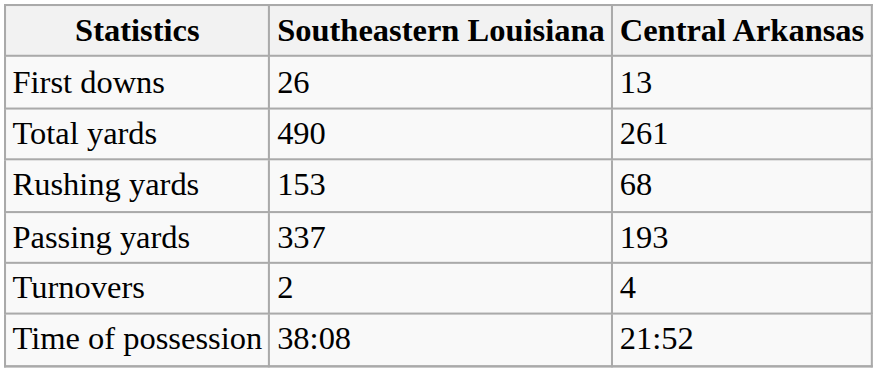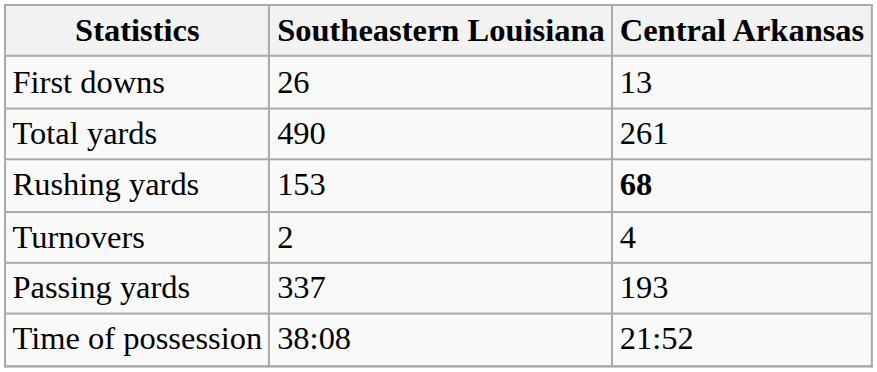 <table class="wikitable">
 <tr>
 <th>Statistics</th>
 <th>Southeastern Louisiana</th>
 <th>Central Arkansas</th>
 </tr>
 <tr>
 <td>First downs</td>
 <td>26</td>
 <td>13</td>
 </tr>
 <tr>
 <td>Total yards</td>
 <td>490</td>
 <td>261</td>
 </tr>
 <tr>
 <td>Rushing yards</td>
 <td>153</td>
-<td>68</td>
+<td><strong>68</strong></td>
+</tr>
+<tr>
+<td>Turnovers</td>
+<td>2</td>
+<td>4</td>
 </tr>
 <tr>
 <td>Passing yards</td>
 <td>337</td>
 <td>193</td>
-</tr>
-<tr>
-<td>Turnovers</td>
-<td>2</td>
-<td>4</td>
 </tr>
 <tr>
 <td>Time of possession</td>
 <td>38:08</td>
 <td>21:52</td>
 </tr>
 <tr>
 </tr>
 </table>
